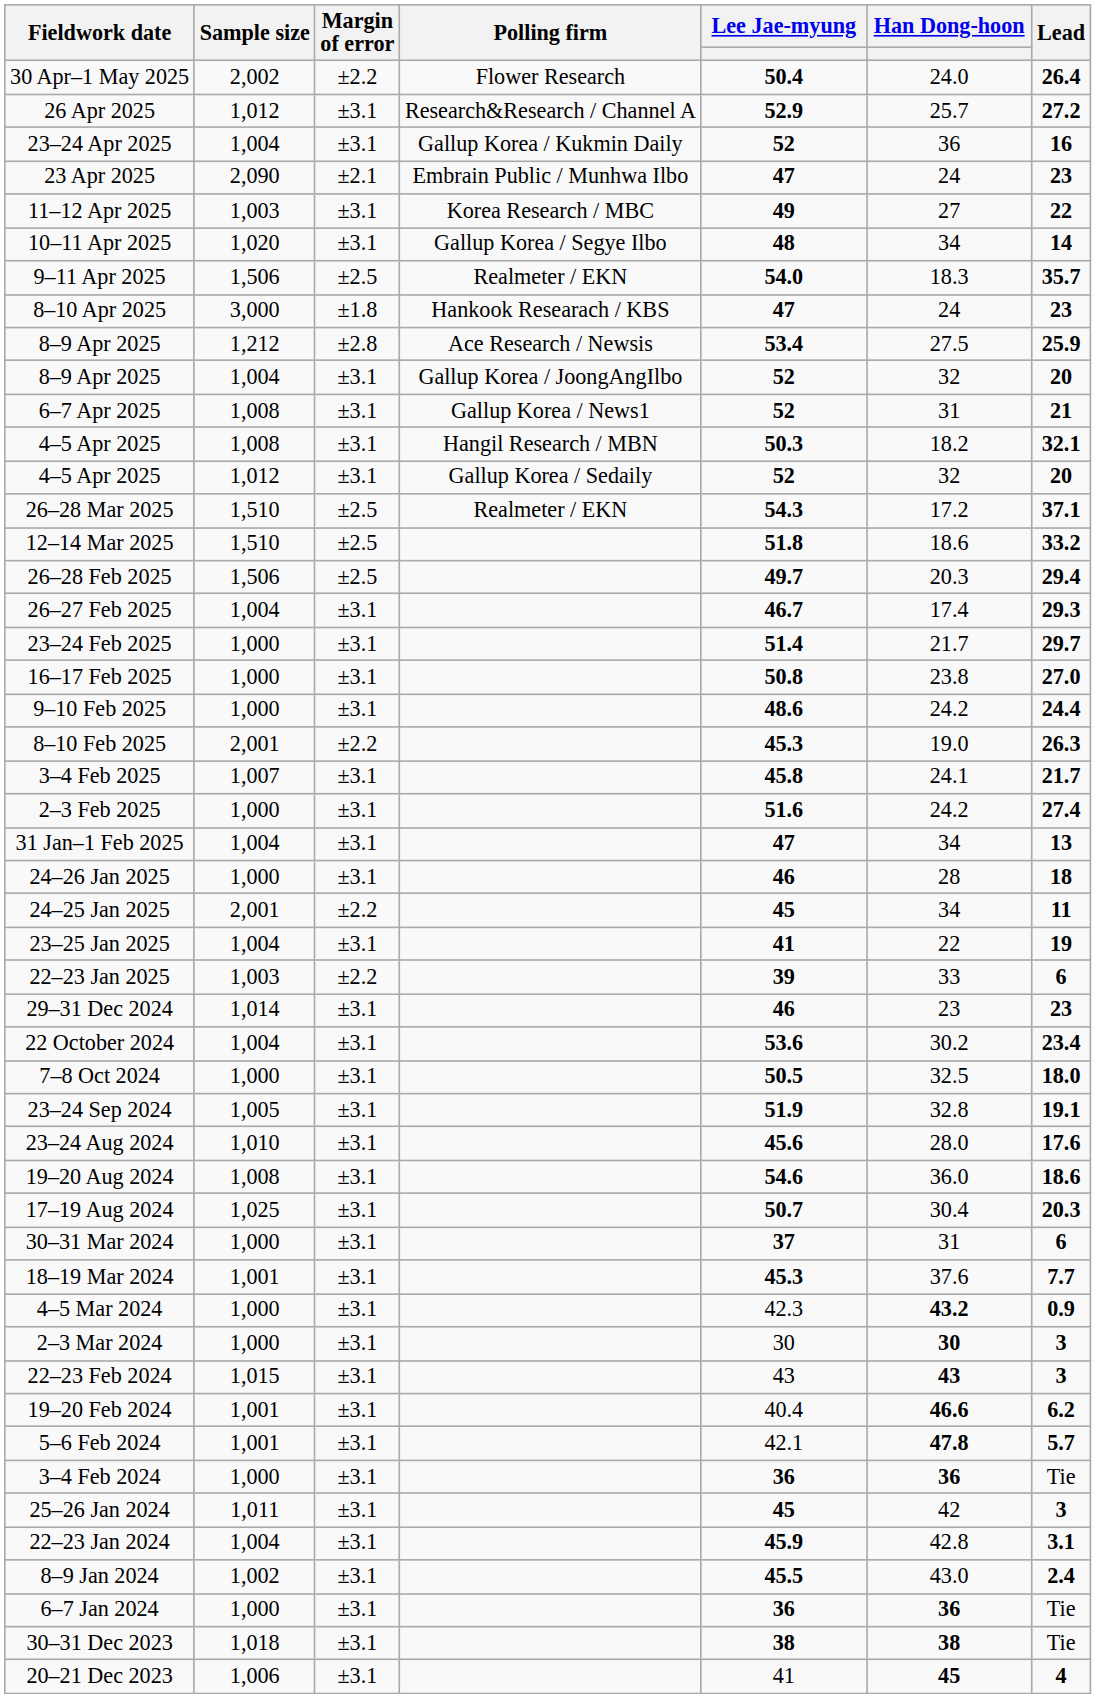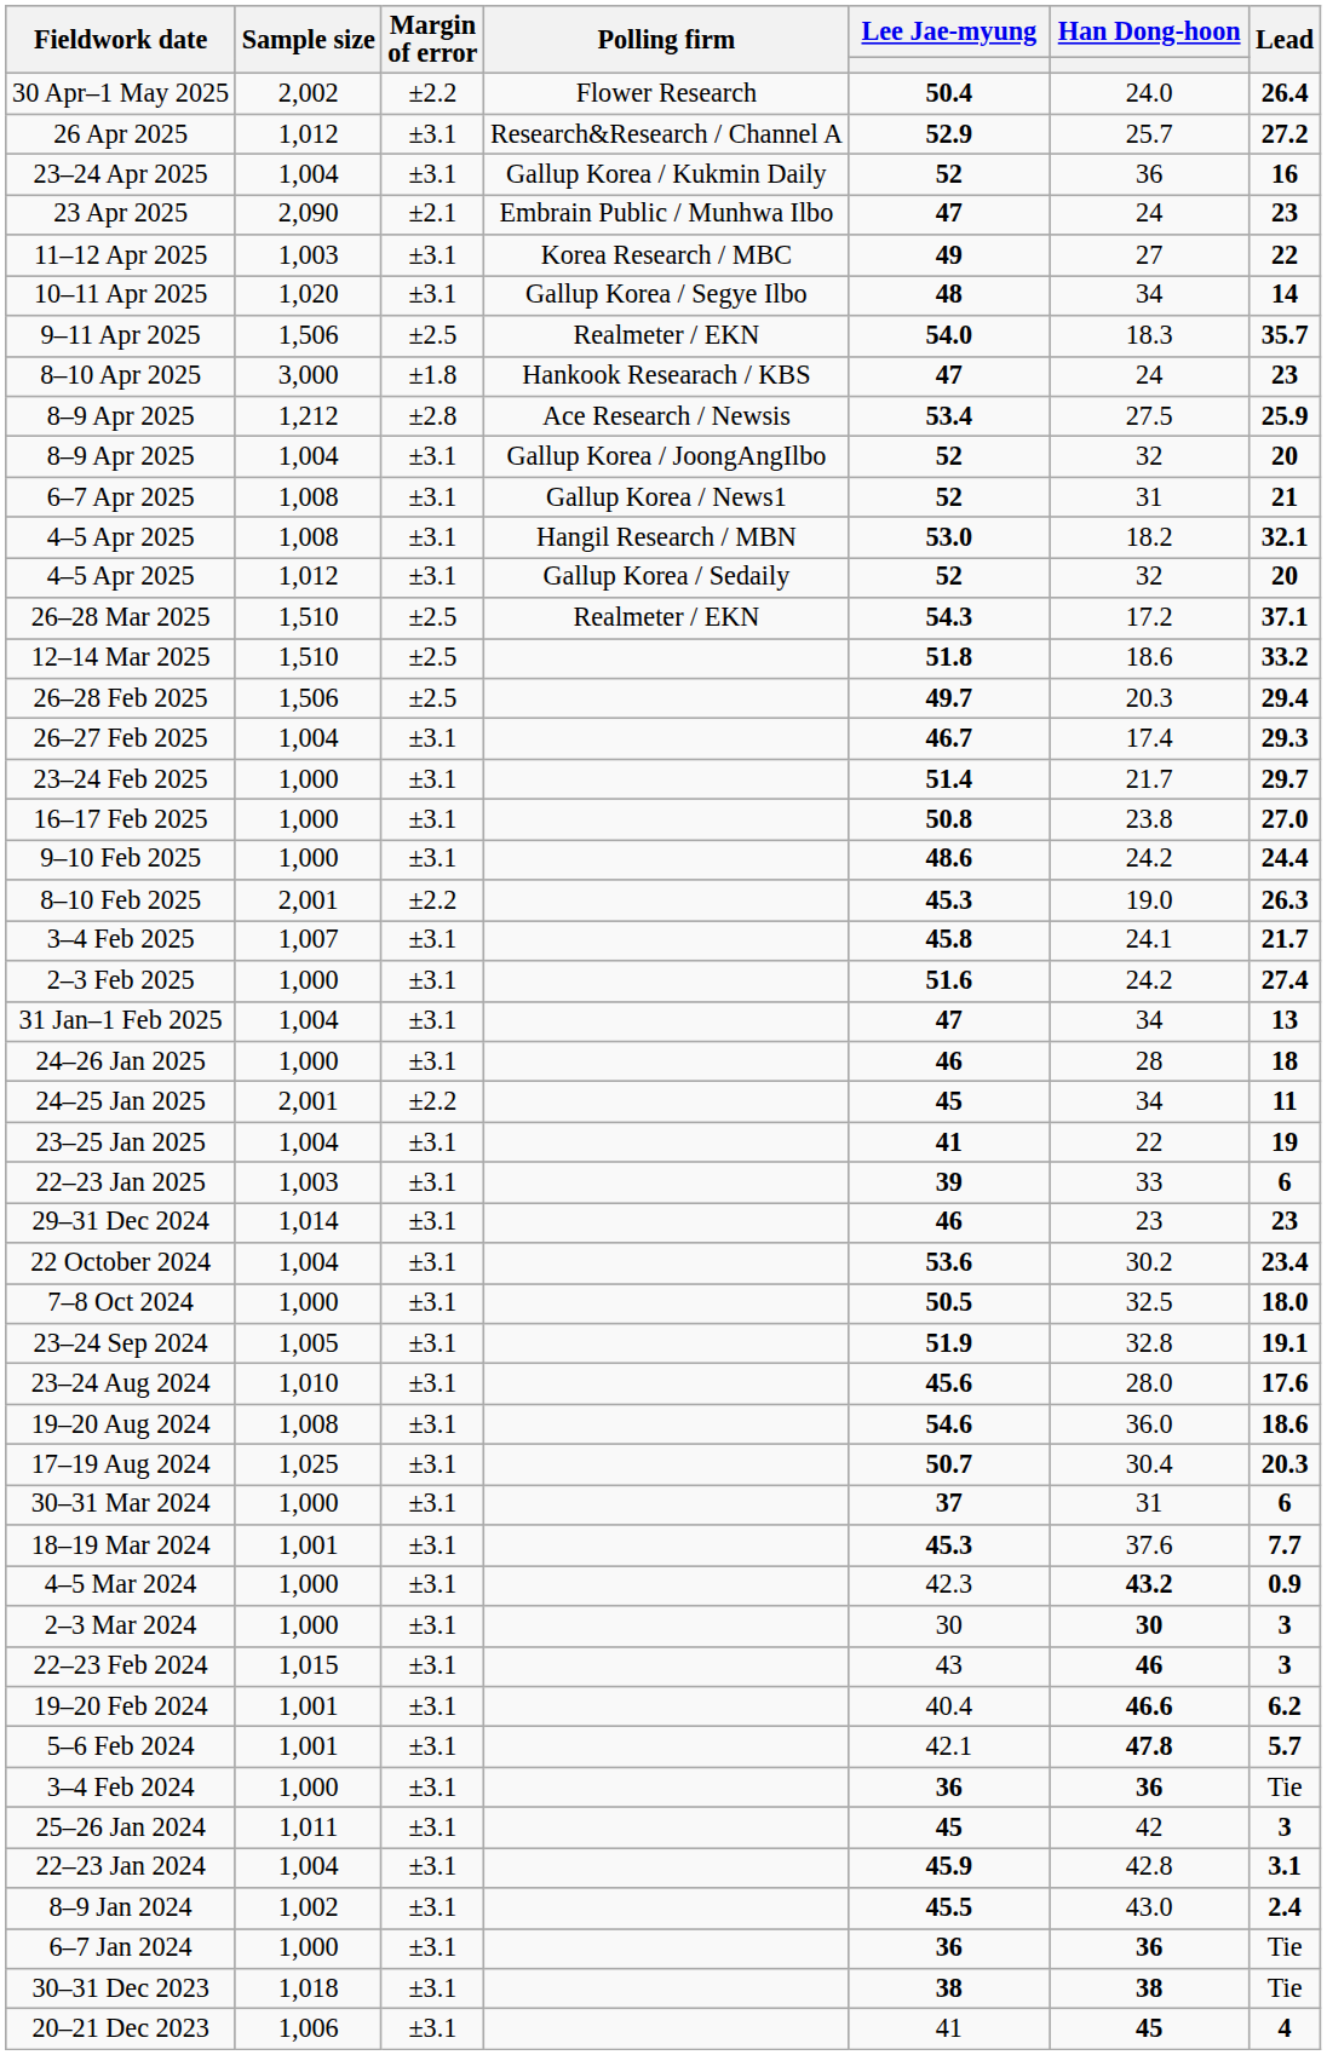 <table class="wikitable tpl-blanktable sortable tpl-blanktable mw-collapsible" style="text-align:center; font-size:85%; line-height:14px">
 <tr>
 <th class="unsortable" rowspan="2">Fieldwork date</th>
 <th class="unsortable" rowspan="2">Sample size</th>
 <th class="unsortable" rowspan="2">Margin<br>of error</th>
 <th class="unsortable" rowspan="2">Polling firm</th>
 <th class="unsortable" colspan="1" style="width:95px"><a href='#'>Lee Jae-myung</a></th>
 <th class="unsortable" colspan="1" style="width:95px"><a href='#'>Han Dong-hoon</a></th>
 <th rowspan="2" class="unsortable">Lead</th>
 </tr>
 <tr>
 <th colspan="1" style="background:"></th>
 <th colspan="1" style="background:"></th>
 </tr>
 <tr>
 <td data-sort-value="2025-5-1">30 Apr–1 May 2025</td>
 <td>2,002</td>
 <td>±2.2</td>
 <td>Flower Research</td>
 <td><strong>50.4</strong></td>
 <td>24.0</td>
 <td style="background:"><strong>26.4</strong></td>
 </tr>
 <tr>
 <td data-sort-value="2025-4-26">26 Apr 2025</td>
 <td>1,012</td>
 <td>±3.1</td>
 <td>Research&Research / Channel A</td>
 <td><strong>52.9</strong></td>
 <td>25.7</td>
 <td style="background:"><strong>27.2</strong></td>
 </tr>
 <tr>
 <td data-sort-value="2025-4-24">23–24 Apr 2025</td>
 <td>1,004</td>
 <td>±3.1</td>
 <td>Gallup Korea / Kukmin Daily</td>
 <td><strong>52</strong></td>
 <td>36</td>
 <td style="background:"><strong>16</strong></td>
 </tr>
 <tr>
 <td data-sort-value="2025-4-23">23 Apr 2025</td>
 <td>2,090</td>
 <td>±2.1</td>
 <td>Embrain Public / Munhwa Ilbo</td>
 <td><strong>47</strong></td>
 <td>24</td>
 <td style="background:"><strong>23</strong></td>
 </tr>
 <tr>
 <td data-sort-value="2025-4-12">11–12 Apr 2025</td>
 <td>1,003</td>
 <td>±3.1</td>
 <td>Korea Research / MBC</td>
 <td><strong>49</strong></td>
 <td>27</td>
 <td style="background:"><strong>22</strong></td>
 </tr>
 <tr>
 <td data-sort-value="2025-4-11">10–11 Apr 2025</td>
 <td>1,020</td>
 <td>±3.1</td>
 <td>Gallup Korea / Segye Ilbo</td>
 <td><strong>48</strong></td>
 <td>34</td>
 <td style="background:"><strong>14</strong></td>
 </tr>
 <tr>
 <td data-sort-value="2025-4-11">9–11 Apr 2025</td>
 <td>1,506</td>
 <td>±2.5</td>
 <td>Realmeter / EKN</td>
 <td><strong>54.0</strong></td>
 <td>18.3</td>
 <td style="background:"><strong>35.7</strong></td>
 </tr>
 <tr>
 <td data-sort-value="2025-4-10">8–10 Apr 2025</td>
 <td>3,000</td>
 <td>±1.8</td>
 <td>Hankook Researach / KBS</td>
 <td><strong>47</strong></td>
 <td>24</td>
 <td style="background:"><strong>23</strong></td>
 </tr>
 <tr>
 <td data-sort-value="2025-4-9">8–9 Apr 2025</td>
 <td>1,212</td>
 <td>±2.8</td>
 <td>Ace Research / Newsis</td>
 <td><strong>53.4</strong></td>
 <td>27.5</td>
 <td style="background:"><strong>25.9</strong></td>
 </tr>
 <tr>
 <td data-sort-value="2025-4-9">8–9 Apr 2025</td>
 <td>1,004</td>
 <td>±3.1</td>
 <td>Gallup Korea / JoongAngIlbo</td>
 <td><strong>52</strong></td>
 <td>32</td>
 <td style="background:"><strong>20</strong></td>
 </tr>
 <tr>
 <td data-sort-value="2025-4-7">6–7 Apr 2025</td>
 <td>1,008</td>
 <td>±3.1</td>
 <td>Gallup Korea / News1</td>
 <td><strong>52</strong></td>
 <td>31</td>
 <td style="background:"><strong>21</strong></td>
 </tr>
 <tr>
 <td data-sort-value="2025-4-5">4–5 Apr 2025</td>
 <td>1,008</td>
 <td>±3.1</td>
 <td>Hangil Research / MBN</td>
-<td><strong>50.3</strong></td>
+<td><strong>53.0</strong></td>
 <td>18.2</td>
 <td style="background:"><strong>32.1</strong></td>
 </tr>
 <tr>
 <td data-sort-value="2025-4-5">4–5 Apr 2025</td>
 <td>1,012</td>
 <td>±3.1</td>
 <td>Gallup Korea / Sedaily</td>
 <td><strong>52</strong></td>
 <td>32</td>
 <td style="background:"><strong>20</strong></td>
 </tr>
 <tr>
 <td data-sort-value="2025-3-28">26–28 Mar 2025</td>
 <td>1,510</td>
 <td>±2.5</td>
 <td>Realmeter / EKN</td>
 <td><strong>54.3</strong></td>
 <td>17.2</td>
 <td style="background:"><strong>37.1</strong></td>
 </tr>
 <tr>
 <td data-sort-value="2025-3-14">12–14 Mar 2025</td>
 <td>1,510</td>
 <td>±2.5</td>
 <td></td>
 <td><strong>51.8</strong></td>
 <td>18.6</td>
 <td style="background:"><strong>33.2</strong></td>
 </tr>
 <tr>
 <td data-sort-value="2025-2-28">26–28 Feb 2025</td>
 <td>1,506</td>
 <td>±2.5</td>
 <td></td>
 <td><strong>49.7</strong></td>
 <td>20.3</td>
 <td style="background:"><strong>29.4</strong></td>
 </tr>
 <tr>
 <td data-sort-value="2025-2-27">26–27 Feb 2025</td>
 <td>1,004</td>
 <td>±3.1</td>
 <td></td>
 <td><strong>46.7</strong></td>
 <td>17.4</td>
 <td style="background:"><strong>29.3</strong></td>
 </tr>
 <tr>
 <td data-sort-value="2025-2-24">23–24 Feb 2025</td>
 <td>1,000</td>
 <td>±3.1</td>
 <td></td>
 <td><strong>51.4</strong></td>
 <td>21.7</td>
 <td style="background:"><strong>29.7</strong></td>
 </tr>
 <tr>
 <td data-sort-value="2025-2-17">16–17 Feb 2025</td>
 <td>1,000</td>
 <td>±3.1</td>
 <td></td>
 <td><strong>50.8</strong></td>
 <td>23.8</td>
 <td style="background:"><strong>27.0</strong></td>
 </tr>
 <tr>
 <td data-sort-value="2025-2-10">9–10 Feb 2025</td>
 <td>1,000</td>
 <td>±3.1</td>
 <td></td>
 <td><strong>48.6</strong></td>
 <td>24.2</td>
 <td style="background:"><strong>24.4</strong></td>
 </tr>
 <tr>
 <td data-sort-value="2025-2-10">8–10 Feb 2025</td>
 <td>2,001</td>
 <td>±2.2</td>
 <td></td>
 <td><strong>45.3</strong></td>
 <td>19.0</td>
 <td style="background:"><strong>26.3</strong></td>
 </tr>
 <tr>
 <td data-sort-value="2025-2-4">3–4 Feb 2025</td>
 <td>1,007</td>
 <td>±3.1</td>
 <td></td>
 <td><strong>45.8</strong></td>
 <td>24.1</td>
 <td style="background:"><strong>21.7</strong></td>
 </tr>
 <tr>
 <td data-sort-value="2025-2-3">2–3 Feb 2025</td>
 <td>1,000</td>
 <td>±3.1</td>
 <td></td>
 <td><strong>51.6</strong></td>
 <td>24.2</td>
 <td style="background:"><strong>27.4</strong></td>
 </tr>
 <tr>
 <td data-sort-value="2025-2-1">31 Jan–1 Feb 2025</td>
 <td>1,004</td>
 <td>±3.1</td>
 <td></td>
 <td><strong>47</strong></td>
 <td>34</td>
 <td style="background:"><strong>13</strong></td>
 </tr>
 <tr>
 <td data-sort-value="2025-1-26">24–26 Jan 2025</td>
 <td>1,000</td>
 <td>±3.1</td>
 <td></td>
 <td><strong>46</strong></td>
 <td>28</td>
 <td style="background:"><strong>18</strong></td>
 </tr>
 <tr>
 <td data-sort-value="2025-1-25">24–25 Jan 2025</td>
 <td>2,001</td>
 <td>±2.2</td>
 <td></td>
 <td><strong>45</strong></td>
 <td>34</td>
 <td style="background:"><strong>11</strong></td>
 </tr>
 <tr>
 <td data-sort-value="2025-1-25">23–25 Jan 2025</td>
 <td>1,004</td>
 <td>±3.1</td>
 <td></td>
 <td><strong>41</strong></td>
 <td>22</td>
 <td style="background:"><strong>19</strong></td>
 </tr>
 <tr>
 <td data-sort-value="2025-1-23">22–23 Jan 2025</td>
 <td>1,003</td>
-<td>±2.2</td>
+<td>±3.1</td>
 <td></td>
 <td><strong>39</strong></td>
 <td>33</td>
 <td style="background:"><strong>6</strong></td>
 </tr>
 <tr>
 <td data-sort-value="2024-12-31">29–31 Dec 2024</td>
 <td>1,014</td>
 <td>±3.1</td>
 <td></td>
 <td><strong>46</strong></td>
 <td>23</td>
 <td style="background:"><strong>23</strong></td>
 </tr>
 <tr>
 <td data-sort-value="2024-10-22">22 October 2024</td>
 <td>1,004</td>
 <td>±3.1</td>
 <td></td>
 <td><strong>53.6</strong></td>
 <td>30.2</td>
 <td style="background:"><strong>23.4</strong></td>
 </tr>
 <tr>
 <td data-sort-value="2024-10-8">7–8 Oct 2024</td>
 <td>1,000</td>
 <td>±3.1</td>
 <td></td>
 <td><strong>50.5</strong></td>
 <td>32.5</td>
 <td style="background:"><strong>18.0</strong></td>
 </tr>
 <tr>
 <td data-sort-value="2024-9-24">23–24 Sep 2024</td>
 <td>1,005</td>
 <td>±3.1</td>
 <td></td>
 <td><strong>51.9</strong></td>
 <td>32.8</td>
 <td style="background:"><strong>19.1</strong></td>
 </tr>
 <tr>
 <td data-sort-value="2024-8-24">23–24 Aug 2024</td>
 <td>1,010</td>
 <td>±3.1</td>
 <td></td>
 <td><strong>45.6</strong></td>
 <td>28.0</td>
 <td style="background:"><strong>17.6</strong></td>
 </tr>
 <tr>
 <td data-sort-value="2024-8-20">19–20 Aug 2024</td>
 <td>1,008</td>
 <td>±3.1</td>
 <td></td>
 <td><strong>54.6</strong></td>
 <td>36.0</td>
 <td style="background:"><strong>18.6</strong></td>
 </tr>
 <tr>
 <td data-sort-value="2024-8-19">17–19 Aug 2024</td>
 <td>1,025</td>
 <td>±3.1</td>
 <td></td>
 <td><strong>50.7</strong></td>
 <td>30.4</td>
 <td style="background:"><strong>20.3</strong></td>
 </tr>
 <tr>
 <td data-sort-value="2024-3-31">30–31 Mar 2024</td>
 <td>1,000</td>
 <td>±3.1</td>
 <td></td>
 <td><strong>37</strong></td>
 <td>31</td>
 <td style="background:"><strong>6</strong></td>
 </tr>
 <tr>
 <td data-sort-value="2024-3-19">18–19 Mar 2024</td>
 <td>1,001</td>
 <td>±3.1</td>
 <td></td>
 <td><strong>45.3</strong></td>
 <td>37.6</td>
 <td style="background:"><strong>7.7</strong></td>
 </tr>
 <tr>
 <td data-sort-value="2024-3-5">4–5 Mar 2024</td>
 <td>1,000</td>
 <td>±3.1</td>
 <td></td>
 <td>42.3</td>
 <td><strong>43.2</strong></td>
 <td style="background:"><strong>0.9</strong></td>
 </tr>
 <tr>
 <td data-sort-value="2024-3-3">2–3 Mar 2024</td>
 <td>1,000</td>
 <td>±3.1</td>
 <td></td>
 <td>30</td>
 <td><strong>30</strong></td>
 <td style="background:"><strong>3</strong></td>
 </tr>
 <tr>
 <td data-sort-value="2024-2-23">22–23 Feb 2024</td>
 <td>1,015</td>
 <td>±3.1</td>
 <td></td>
 <td>43</td>
-<td><strong>43</strong></td>
+<td><strong>46</strong></td>
 <td style="background:"><strong>3</strong></td>
 </tr>
 <tr>
 <td data-sort-value="2024-2-20">19–20 Feb 2024</td>
 <td>1,001</td>
 <td>±3.1</td>
 <td></td>
 <td>40.4</td>
 <td><strong>46.6</strong></td>
 <td style="background:"><strong>6.2</strong></td>
 </tr>
 <tr>
 <td data-sort-value="2024-2-6">5–6 Feb 2024</td>
 <td>1,001</td>
 <td>±3.1</td>
 <td></td>
 <td>42.1</td>
 <td><strong>47.8</strong></td>
 <td style="background:"><strong>5.7</strong></td>
 </tr>
 <tr>
 <td data-sort-value="2024-2-4">3–4 Feb 2024</td>
 <td>1,000</td>
 <td>±3.1</td>
 <td></td>
 <td><strong>36</strong></td>
 <td><strong>36</strong></td>
 <td>Tie</td>
 </tr>
 <tr>
 <td data-sort-value="2024-1-26">25–26 Jan 2024</td>
 <td>1,011</td>
 <td>±3.1</td>
 <td></td>
 <td><strong>45</strong></td>
 <td>42</td>
 <td style="background:"><strong>3</strong></td>
 </tr>
 <tr>
 <td data-sort-value="2024-1-23">22–23 Jan 2024</td>
 <td>1,004</td>
 <td>±3.1</td>
 <td></td>
 <td><strong>45.9</strong></td>
 <td>42.8</td>
 <td style="background:"><strong>3.1</strong></td>
 </tr>
 <tr>
 <td data-sort-value="2024-1-9">8–9 Jan 2024</td>
 <td>1,002</td>
 <td>±3.1</td>
 <td></td>
 <td><strong>45.5</strong></td>
 <td>43.0</td>
 <td style="background:"><strong>2.4</strong></td>
 </tr>
 <tr>
 <td data-sort-value="2024-1-7">6–7 Jan 2024</td>
 <td>1,000</td>
 <td>±3.1</td>
 <td></td>
 <td><strong>36</strong></td>
 <td><strong>36</strong></td>
 <td>Tie</td>
 </tr>
 <tr>
 <td data-sort-value="2023-12-31">30–31 Dec 2023</td>
 <td>1,018</td>
 <td>±3.1</td>
 <td></td>
 <td><strong>38</strong></td>
 <td><strong>38</strong></td>
 <td>Tie</td>
 </tr>
 <tr>
 <td data-sort-value="2023-12-21">20–21 Dec 2023</td>
 <td>1,006</td>
 <td>±3.1</td>
 <td></td>
 <td>41</td>
 <td><strong>45</strong></td>
 <td style="background:"><strong>4</strong></td>
 </tr>
 </table>
